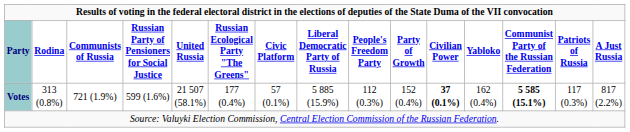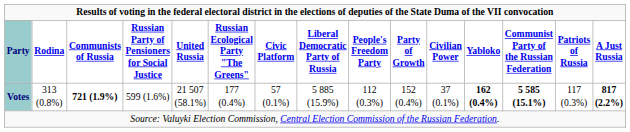 <table class="wikitable" style="font-size:85%; width:90%; border:0; text-align:center; line-height:120%; margin:auto;">
 <tr>
 <td colspan="15" style="text-align:center;"><strong>Results of voting in the federal electoral district in the elections of deputies of the State Duma of the VII convocation</strong></td>
 </tr>
 <tr>
 <th style="background:#9cc; color:navy; height:17px;">Party</th>
 <th style="background:#fff; color:navy;"><a href='#'>Rodina</a></th>
 <th style="background:#fff; color:navy;"><a href='#'>Communists of Russia</a></th>
 <th style="background:#fff; color:navy;"><a href='#'>Russian Party of Pensioners for Social Justice</a></th>
 <th style="background:#fff; color:navy;"><a href='#'>United Russia</a></th>
 <th style="background:#fff; color:navy;"><a href='#'>Russian Ecological Party "The Greens"</a></th>
 <th style="background:#fff; color:navy;"><a href='#'>Civic Platform</a></th>
 <th style="background:#fff; color:navy;"><a href='#'>Liberal Democratic Party of Russia</a></th>
 <th style="background:#fff; color:navy;"><a href='#'>People's Freedom Party</a></th>
 <th style="background:#fff; color:navy;"><a href='#'>Party of Growth</a></th>
 <th style="background:#fff; color:navy;"><a href='#'>Civilian Power</a></th>
 <th style="background:#fff; color:navy;"><a href='#'>Yabloko</a></th>
 <th style="background:#fff; color:navy;"><a href='#'>Communist Party of the Russian Federation</a></th>
 <th style="background:#fff; color:navy;"><a href='#'>Patriots of Russia</a></th>
 <th style="background:#fff; color:navy;"><a href='#'>A Just Russia</a></th>
 </tr>
 <tr>
 <th style="background:#9cc; color:navy; height:17px;">Votes</th>
 <td style="background:#fff; color:black;">313 (0.8%)</td>
-<td style="background:#fff; color:black;">721 (1.9%)</td>
+<td style="background:#fff; color:black;"><strong>721 (1.9%)</strong></td>
 <td style="background:#fff; color:black;">599 (1.6%)</td>
 <td style="background:#fff; color:black;">21 507 (58.1%)</td>
 <td style="background:#fff; color:black;">177 (0.4%)</td>
 <td style="background:#fff; color:black;">57 (0.1%)</td>
 <td style="background:#fff; color:black;">5 885 (15.9%)</td>
 <td style="background:#fff; color:black;">112 (0.3%)</td>
 <td style="background:#fff; color:black;">152 (0.4%)</td>
-<td style="background:#fff; color:black;"><strong>37 (0.1%)</strong></td>
-<td style="background:#fff; color:black;">162 (0.4%)</td>
+<td style="background:#fff; color:black;">37 (0.1%)</td>
+<td style="background:#fff; color:black;"><strong>162 (0.4%)</strong></td>
 <td style="background:#fff; color:black;"><strong>5 585 (15.1%)</strong></td>
 <td style="background:#fff; color:black;">117 (0.3%)</td>
-<td style="background:#fff; color:black;">817 (2.2%)</td>
+<td style="background:#fff; color:black;"><strong>817 (2.2%)</strong></td>
 </tr>
 <tr>
 <td colspan="15" style="text-align:center;"><em>Source: Valuyki Election Commission, <a href='#'>Central Election Commission of the Russian Federation</a>.</em></td>
 </tr>
 </table>
